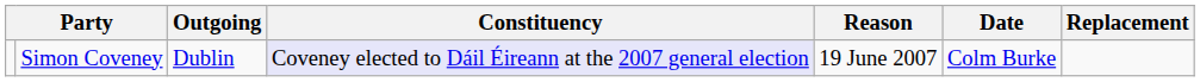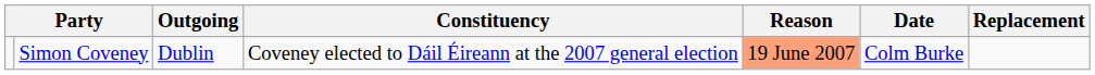 <table class="wikitable">
 <tr>
 <th colspan=2>Party</th>
 <th>Outgoing</th>
 <th>Constituency</th>
 <th>Reason</th>
 <th>Date</th>
 <th>Replacement</th>
 </tr>
 <tr>
 <td></td>
 <td><a href='#'>Simon Coveney</a></td>
 <td><a href='#'>Dublin</a></td>
-<td style="background: lavender;">Coveney elected to <a href='#'>Dáil Éireann</a> at the <a href='#'>2007 general election</a></td>
-<td>19 June 2007</td>
+<td>Coveney elected to <a href='#'>Dáil Éireann</a> at the <a href='#'>2007 general election</a></td>
+<td style="background: lightsalmon;">19 June 2007</td>
 <td><a href='#'>Colm Burke</a></td>
 </tr>
 </table>
